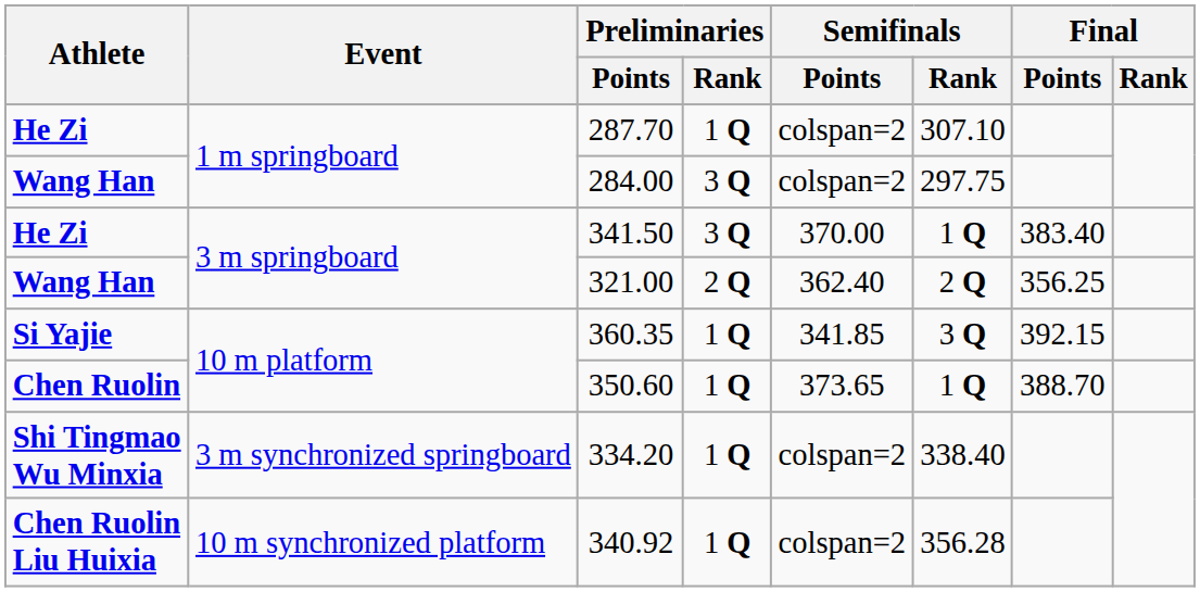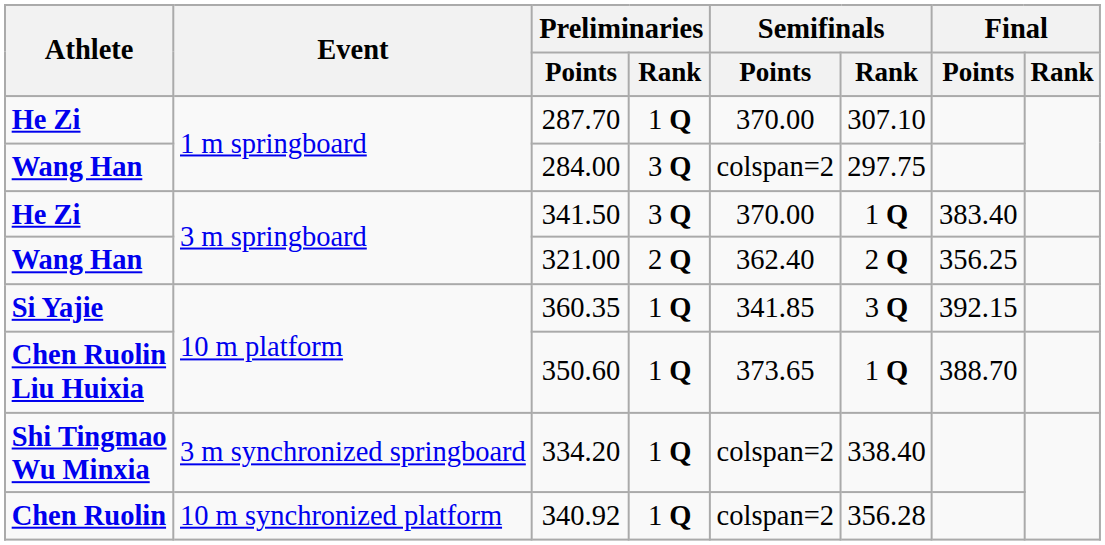 <table class=wikitable style="font-size:90%;">
 <tr>
 <th rowspan="2">Athlete</th>
 <th rowspan="2">Event</th>
 <th colspan="2">Preliminaries</th>
 <th colspan="2">Semifinals</th>
 <th colspan="2">Final</th>
 </tr>
 <tr style="font-size:95%">
 <th>Points</th>
 <th>Rank</th>
 <th>Points</th>
 <th>Rank</th>
 <th>Points</th>
 <th>Rank</th>
 </tr>
 <tr align=center>
 <td align=left><strong><a href='#'>He Zi</a></strong></td>
 <td align=left rowspan=2><a href='#'>1 m springboard</a></td>
 <td>287.70</td>
 <td>1 <strong>Q</strong></td>
-<td>colspan=2 </td>
+<td>370.00</td>
 <td>307.10</td>
 <td></td>
 </tr>
 <tr align=center>
 <td align=left><strong><a href='#'>Wang Han</a></strong></td>
 <td>284.00</td>
 <td>3 <strong>Q</strong></td>
 <td>colspan=2 </td>
 <td>297.75</td>
 <td></td>
 </tr>
 <tr align=center>
 <td align=left><strong><a href='#'>He Zi</a></strong></td>
 <td align=left rowspan=2><a href='#'>3 m springboard</a></td>
 <td>341.50</td>
 <td>3 <strong>Q</strong></td>
 <td>370.00</td>
 <td>1 <strong>Q</strong></td>
 <td>383.40</td>
 <td></td>
 </tr>
 <tr align=center>
 <td align=left><strong><a href='#'>Wang Han</a></strong></td>
 <td>321.00</td>
 <td>2 <strong>Q</strong></td>
 <td>362.40</td>
 <td>2 <strong>Q</strong></td>
 <td>356.25</td>
 <td></td>
 </tr>
 <tr align=center>
 <td align=left><strong><a href='#'>Si Yajie</a></strong></td>
 <td align=left rowspan=2><a href='#'>10 m platform</a></td>
 <td>360.35</td>
 <td>1 <strong>Q</strong></td>
 <td>341.85</td>
 <td>3 <strong>Q</strong></td>
 <td>392.15</td>
 <td></td>
 </tr>
 <tr align=center>
-<td align=left><strong><a href='#'>Chen Ruolin</a></strong></td>
+<td align=left><strong><a href='#'>Chen Ruolin</a><br><a href='#'>Liu Huixia</a></strong></td>
 <td>350.60</td>
 <td>1 <strong>Q</strong></td>
 <td>373.65</td>
 <td>1 <strong>Q</strong></td>
 <td>388.70</td>
 <td></td>
 </tr>
 <tr align=center>
 <td align=left><strong><a href='#'>Shi Tingmao</a><br><a href='#'>Wu Minxia</a></strong></td>
 <td align=left><a href='#'>3 m synchronized springboard</a></td>
 <td>334.20</td>
 <td>1 <strong>Q</strong></td>
 <td>colspan=2 </td>
 <td>338.40</td>
 <td></td>
 </tr>
 <tr align=center>
-<td align=left><strong><a href='#'>Chen Ruolin</a><br><a href='#'>Liu Huixia</a></strong></td>
+<td align=left><strong><a href='#'>Chen Ruolin</a></strong></td>
 <td align=left><a href='#'>10 m synchronized platform</a></td>
 <td>340.92</td>
 <td>1 <strong>Q</strong></td>
 <td>colspan=2 </td>
 <td>356.28</td>
 <td></td>
 </tr>
 </table>
